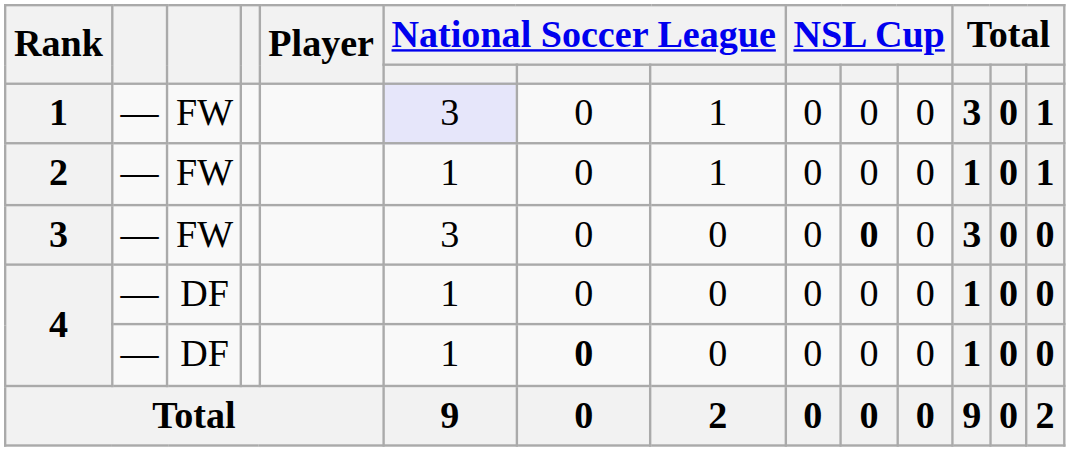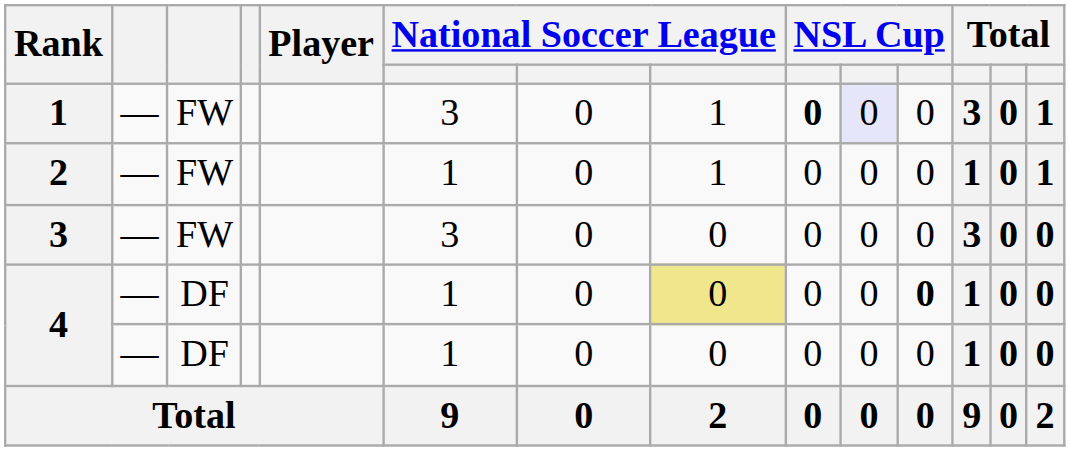 <table class="wikitable sortable" style="text-align:center">
 <tr>
 <th rowspan="2">Rank</th>
 <th rowspan="2"></th>
 <th rowspan="2"></th>
 <th rowspan="2"></th>
 <th rowspan="2">Player</th>
 <th colspan="3"><a href='#'>National Soccer League</a></th>
 <th colspan="3"><a href='#'>NSL Cup</a></th>
 <th colspan="3">Total</th>
 </tr>
 <tr>
 <th></th>
 <th></th>
 <th></th>
 <th></th>
 <th></th>
 <th></th>
 <th></th>
 <th></th>
 <th></th>
 </tr>
 <tr>
 <th>1</th>
 <td>—</td>
 <td>FW</td>
 <td></td>
 <td align="left"><br></td>
-<td style="background: lavender;">3</td>
+<td>3</td>
 <td>0</td>
 <td>1<br></td>
-<td>0</td>
-<td>0</td>
+<td><strong>0</strong></td>
+<td style="background: lavender;">0</td>
 <td>0<br></td>
 <th>3</th>
 <th>0</th>
 <th>1</th>
 </tr>
 <tr>
 <th>2</th>
 <td>—</td>
 <td>FW</td>
 <td></td>
 <td align="left"><br></td>
 <td>1</td>
 <td>0</td>
 <td>1<br></td>
 <td>0</td>
 <td>0</td>
 <td>0<br></td>
 <th>1</th>
 <th>0</th>
 <th>1</th>
 </tr>
 <tr>
 <th>3</th>
 <td>—</td>
 <td>FW</td>
 <td></td>
 <td align="left"><br></td>
 <td>3</td>
 <td>0</td>
 <td>0<br></td>
 <td>0</td>
-<td><strong>0</strong></td>
+<td>0</td>
 <td>0<br></td>
 <th>3</th>
 <th>0</th>
 <th>0</th>
 </tr>
 <tr>
 <th rowspan="2">4</th>
 <td>—</td>
 <td>DF</td>
 <td></td>
 <td align="left"><br></td>
 <td>1</td>
 <td>0</td>
-<td>0<br></td>
+<td style="background: khaki;">0<br></td>
 <td>0</td>
 <td>0</td>
-<td>0<br></td>
+<td><strong>0<br></strong></td>
 <th>1</th>
 <th>0</th>
 <th>0</th>
 </tr>
 <tr>
 <td>—</td>
 <td>DF</td>
 <td></td>
 <td align="left"><br></td>
 <td>1</td>
-<td><strong>0</strong></td>
+<td>0</td>
 <td>0<br></td>
 <td>0</td>
 <td>0</td>
 <td>0<br></td>
 <th>1</th>
 <th>0</th>
 <th>0</th>
 </tr>
 <tr>
 <th colspan="5">Total<br></th>
 <th>9</th>
 <th>0</th>
 <th>2<br></th>
 <th>0</th>
 <th>0</th>
 <th>0<br></th>
 <th>9</th>
 <th>0</th>
 <th>2</th>
 </tr>
 </table>
